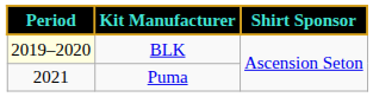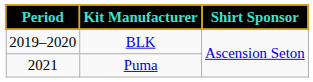 <table class="wikitable" style="text-align:center;margin-left:1em;">
 <tr>
 <th style="background:#000000; color:#40E0D0; border:2px solid #DAA520;" scope="col">Period</th>
 <th style="background:#000000; color:#40E0D0; border:2px solid #DAA520;" scope="col">Kit Manufacturer</th>
 <th style="background:#000000; color:#40E0D0; border:2px solid #DAA520;" scope="col">Shirt Sponsor</th>
 </tr>
 <tr>
-<td style="background: lightyellow;">2019–2020</td>
+<td>2019–2020</td>
 <td><a href='#'>BLK</a></td>
 <td rowspan="2"><a href='#'>Ascension Seton</a></td>
 </tr>
 <tr>
 <td>2021</td>
 <td><a href='#'>Puma</a></td>
 </tr>
 </table>
